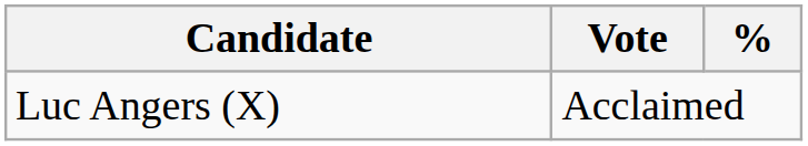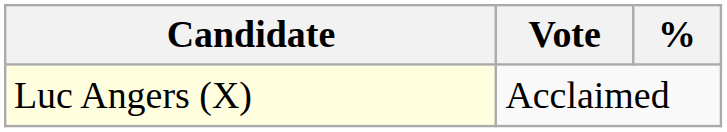 <table class="wikitable">
 <tr>
 <th bgcolor="#DDDDFF" width="200px">Candidate</th>
 <th bgcolor="#DDDDFF" width="50px">Vote</th>
 <th bgcolor="#DDDDFF" width="30px">%</th>
 </tr>
 <tr>
-<td>Luc Angers (X)</td>
+<td style="background: lightyellow;">Luc Angers (X)</td>
 <td colspan="2">Acclaimed</td>
 </tr>
 </table>
